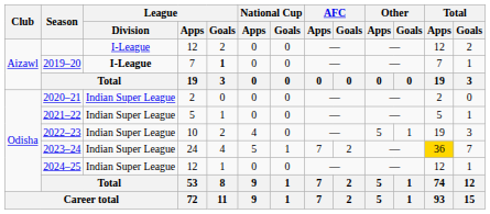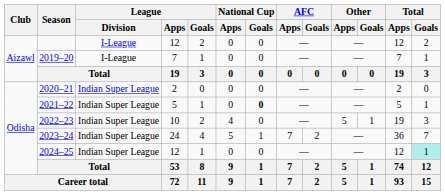 <table class="wikitable" style="text-align: center;">
 <tr>
 <th rowspan="2">Club</th>
 <th rowspan="2">Season</th>
 <th colspan="3">League</th>
 <th colspan="2">National Cup</th>
 <th colspan="2"><a href='#'>AFC</a></th>
 <th colspan="2">Other</th>
 <th colspan="2">Total</th>
 </tr>
 <tr>
 <th>Division</th>
 <th>Apps</th>
 <th>Goals</th>
 <th>Apps</th>
 <th>Goals</th>
 <th>Apps</th>
 <th>Goals</th>
 <th>Apps</th>
 <th>Goals</th>
 <th>Apps</th>
 <th>Goals</th>
 </tr>
 <tr>
 <td rowspan="3"><a href='#'>Aizawl</a></td>
 <td></td>
 <td><a href='#'>I-League</a></td>
 <td>12</td>
 <td>2</td>
 <td>0</td>
 <td>0</td>
 <td colspan="2">—</td>
 <td colspan="2">—</td>
 <td>12</td>
 <td>2</td>
 </tr>
 <tr>
 <td><a href='#'>2019–20</a></td>
-<td><strong>I-League</strong></td>
+<td>I-League</td>
 <td>7</td>
-<td><strong>1</strong></td>
+<td>1</td>
 <td>0</td>
 <td>0</td>
 <td colspan="2">—</td>
 <td colspan="2">—</td>
 <td>7</td>
 <td>1</td>
 </tr>
 <tr>
 <th colspan="2">Total</th>
 <th>19</th>
 <th>3</th>
 <th>0</th>
 <th>0</th>
 <th>0</th>
 <th>0</th>
 <th>0</th>
 <th>0</th>
 <th>19</th>
 <th>3</th>
 </tr>
 <tr>
 <td rowspan="6"><a href='#'>Odisha</a></td>
 <td><a href='#'>2020–21</a></td>
 <td><a href='#'>Indian Super League</a></td>
 <td>2</td>
 <td>0</td>
 <td>0</td>
 <td>0</td>
 <td colspan="2">—</td>
 <td colspan="2">—</td>
 <td>2</td>
 <td>0</td>
 </tr>
 <tr>
 <td><a href='#'>2021–22</a></td>
 <td>Indian Super League</td>
 <td>5</td>
 <td>1</td>
 <td>0</td>
-<td>0</td>
+<td><strong>0</strong></td>
 <td colspan="2">—</td>
 <td colspan="2">—</td>
 <td>5</td>
 <td>1</td>
 </tr>
 <tr>
 <td><a href='#'>2022–23</a></td>
 <td>Indian Super League</td>
 <td>10</td>
 <td>2</td>
 <td>4</td>
 <td>0</td>
 <td colspan="2">—</td>
 <td>5</td>
 <td>1</td>
 <td>19</td>
 <td>3</td>
 </tr>
 <tr>
 <td><a href='#'>2023–24</a></td>
 <td>Indian Super League</td>
 <td>24</td>
 <td>4</td>
 <td>5</td>
 <td>1</td>
 <td>7</td>
 <td>2</td>
 <td colspan="2">—</td>
-<td style="background: gold;">36</td>
+<td>36</td>
 <td>7</td>
 </tr>
 <tr>
 <td><a href='#'>2024–25</a></td>
 <td>Indian Super League</td>
 <td>12</td>
 <td>1</td>
 <td>0</td>
 <td>0</td>
 <td colspan="2">—</td>
 <td colspan="2">—</td>
 <td>12</td>
-<td>1</td>
+<td style="background: paleturquoise;">1</td>
 </tr>
 <tr>
 <th colspan="2">Total</th>
 <th>53</th>
 <th>8</th>
 <th>9</th>
 <th>1</th>
 <th>7</th>
 <th>2</th>
 <th>5</th>
 <th>1</th>
 <th>74</th>
 <th>12</th>
 </tr>
 <tr>
 <th colspan="3">Career total</th>
 <th>72</th>
 <th>11</th>
 <th>9</th>
 <th>1</th>
 <th>7</th>
 <th>2</th>
 <th>5</th>
 <th>1</th>
 <th>93</th>
 <th>15</th>
 </tr>
 </table>
